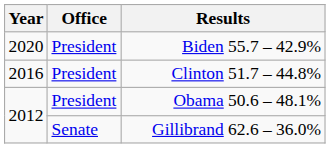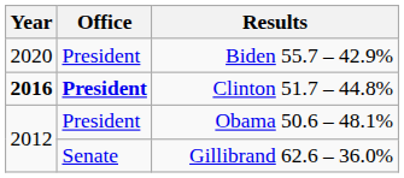 <table class=wikitable>
 <tr>
 <th width="30">Year</th>
 <th width="60">Office</th>
 <th width="180">Results</th>
 </tr>
 <tr>
 <td>2020</td>
 <td><a href='#'>President</a></td>
 <td align="right" ><a href='#'>Biden</a> 55.7 – 42.9%</td>
 </tr>
 <tr>
-<td>2016</td>
-<td><a href='#'>President</a></td>
+<td><strong>2016</strong></td>
+<td><strong><a href='#'>President</a></strong></td>
 <td align="right" ><a href='#'>Clinton</a> 51.7 – 44.8%</td>
 </tr>
 <tr>
 <td rowspan="2">2012</td>
 <td><a href='#'>President</a></td>
 <td align="right" ><a href='#'>Obama</a> 50.6 – 48.1%</td>
 </tr>
 <tr>
 <td><a href='#'>Senate</a></td>
 <td align="right" ><a href='#'>Gillibrand</a> 62.6 – 36.0%</td>
 </tr>
 </table>
